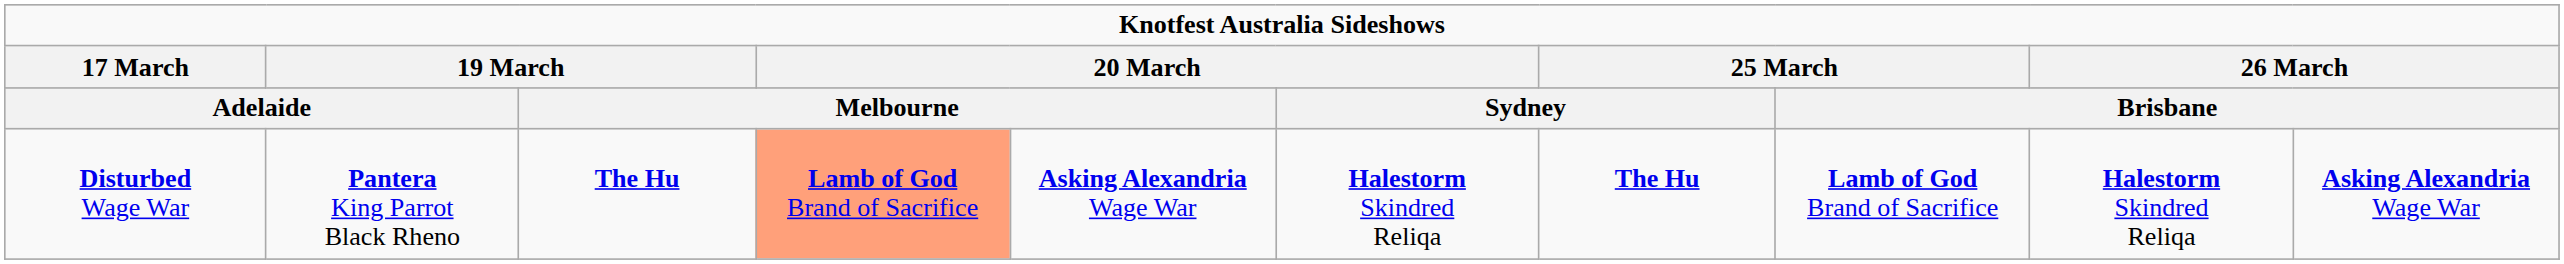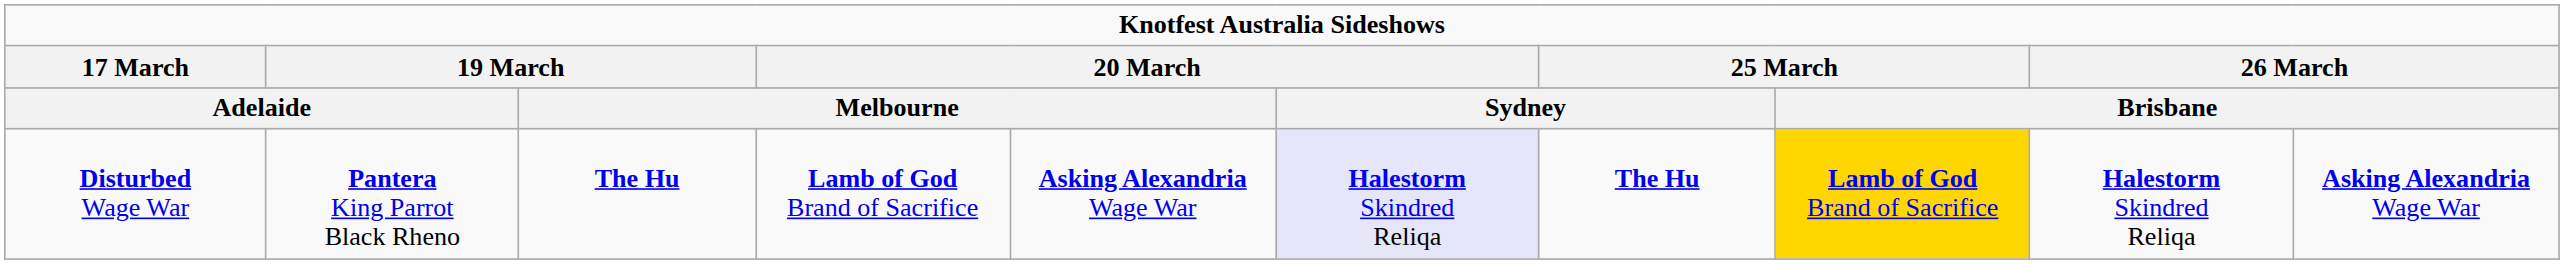 <table class="wikitable">
 <tr>
 <td colspan="10" style="text-align:center;"><strong>Knotfest Australia Sideshows</strong></td>
 </tr>
 <tr>
 <th>17 March</th>
 <th colspan="2" style="text-align:center;">19 March</th>
 <th colspan="3" style="text-align:center;">20 March</th>
 <th colspan="2" style="text-align:center;">25 March</th>
 <th colspan="2" style="text-align:center;">26 March</th>
 </tr>
 <tr>
 <th colspan="2" style="text-align:center;">Adelaide</th>
 <th colspan="3" style="text-align:center;">Melbourne</th>
 <th colspan="2" style="text-align:center;">Sydney</th>
 <th colspan="3" style="text-align:center;">Brisbane</th>
 </tr>
 <tr>
 <td style="text-align:center; vertical-align:top; width:200px;"><br><strong><a href='#'>Disturbed</a></strong><br> <a href='#'>Wage War</a><br></td>
 <td style="text-align:center; vertical-align:top; width:200px;"><br><strong><a href='#'>Pantera</a></strong><br> <a href='#'>King Parrot</a><br> Black Rheno<br></td>
 <td style="text-align:center; vertical-align:top; width:200px;"><br><strong><a href='#'>The Hu</a></strong><br></td>
-<td style="background: lightsalmon; text-align:center; vertical-align:top; width:200px;"><br><strong><a href='#'>Lamb of God</a></strong><br> <a href='#'>Brand of Sacrifice</a><br></td>
+<td style="text-align:center; vertical-align:top; width:200px;"><br><strong><a href='#'>Lamb of God</a></strong><br> <a href='#'>Brand of Sacrifice</a><br></td>
 <td style="text-align:center; vertical-align:top; width:200px;"><br><strong><a href='#'>Asking Alexandria</a></strong><br> <a href='#'>Wage War</a><br></td>
-<td style="text-align:center; vertical-align:top; width:200px;"><br><strong><a href='#'>Halestorm</a></strong><br> <a href='#'>Skindred</a><br> Reliqa<br></td>
+<td style="background: lavender; text-align:center; vertical-align:top; width:200px;"><br><strong><a href='#'>Halestorm</a></strong><br> <a href='#'>Skindred</a><br> Reliqa<br></td>
 <td style="text-align:center; vertical-align:top; width:200px;"><br><strong><a href='#'>The Hu</a></strong><br></td>
-<td style="text-align:center; vertical-align:top; width:200px;"><br><strong><a href='#'>Lamb of God</a></strong><br> <a href='#'>Brand of Sacrifice</a><br></td>
+<td style="background: gold; text-align:center; vertical-align:top; width:200px;"><br><strong><a href='#'>Lamb of God</a></strong><br> <a href='#'>Brand of Sacrifice</a><br></td>
 <td style="text-align:center; vertical-align:top; width:200px;"><br><strong><a href='#'>Halestorm</a></strong><br> <a href='#'>Skindred</a><br> Reliqa<br></td>
 <td style="text-align:center; vertical-align:top; width:200px;"><br><strong><a href='#'>Asking Alexandria</a></strong><br> <a href='#'>Wage War</a><br></td>
 </tr>
 </table>
